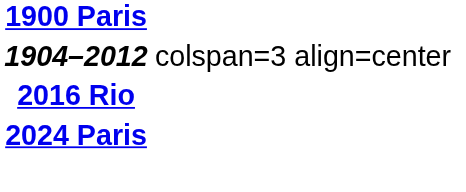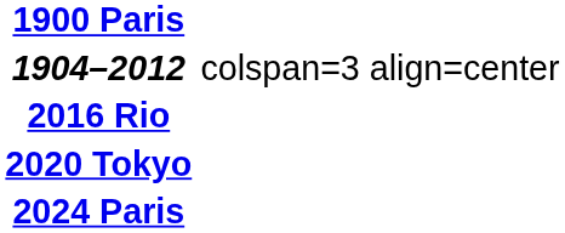 <table>
 <tr>
 <th scope="row"><a href='#'>1900 Paris</a><br></th>
 <td></td>
 <td></td>
 <td></td>
 </tr>
 <tr>
 <th scope="row"><em>1904–2012</em></th>
 <td>colspan=3 align=center</td>
 </tr>
 <tr>
 <th scope="row"><a href='#'>2016 Rio</a><br></th>
 <td></td>
 <td></td>
 <td></td>
 </tr>
 <tr>
+<th scope="row"><a href='#'>2020 Tokyo</a><br></th>
+<td></td>
+<td></td>
+<td></td>
+</tr>
+<tr>
 <th scope="row"><a href='#'>2024 Paris</a><br></th>
 <td></td>
 <td></td>
 <td></td>
 </tr>
 <tr>
 </tr>
 </table>
